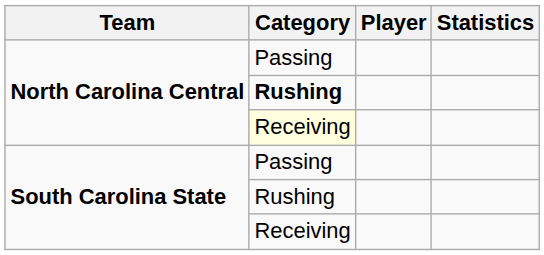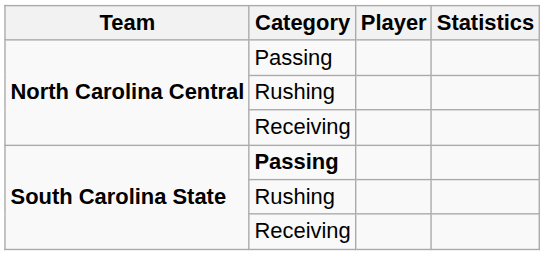 <table class="wikitable" style="float: right;">
 <tr>
 <th>Team</th>
 <th>Category</th>
 <th>Player</th>
 <th>Statistics</th>
 </tr>
 <tr>
 <td rowspan=3><strong>North Carolina Central</strong></td>
 <td>Passing</td>
 <td></td>
 <td></td>
 </tr>
 <tr>
-<td><strong>Rushing</strong></td>
+<td>Rushing</td>
 <td></td>
 <td></td>
 </tr>
 <tr>
-<td style="background: lightyellow;">Receiving</td>
+<td>Receiving</td>
 <td></td>
 <td></td>
 </tr>
 <tr>
 <td rowspan=3><strong>South Carolina State</strong></td>
-<td>Passing</td>
+<td><strong>Passing</strong></td>
 <td></td>
 <td></td>
 </tr>
 <tr>
 <td>Rushing</td>
 <td></td>
 <td></td>
 </tr>
 <tr>
 <td>Receiving</td>
 <td></td>
 <td></td>
 </tr>
 </table>
